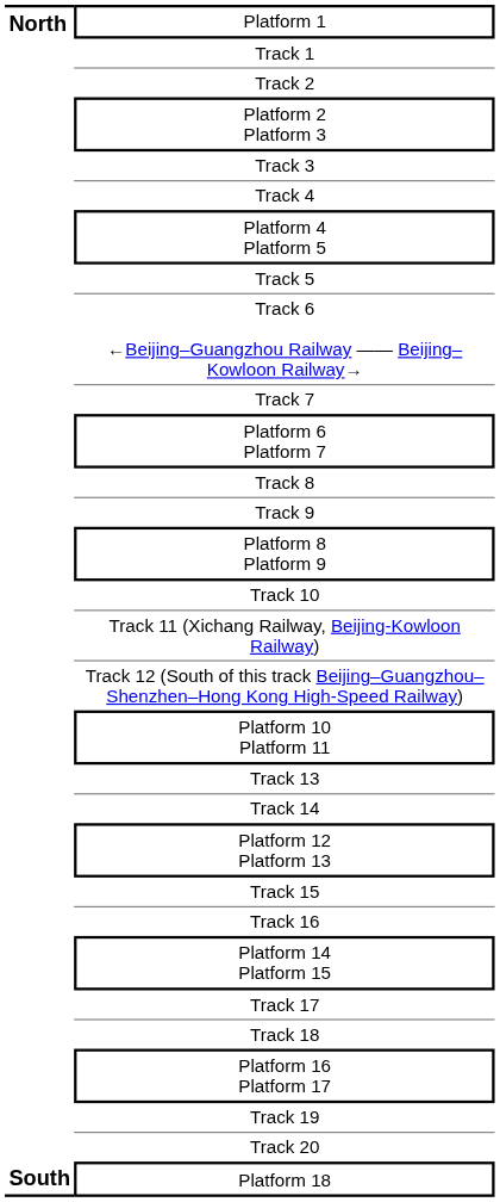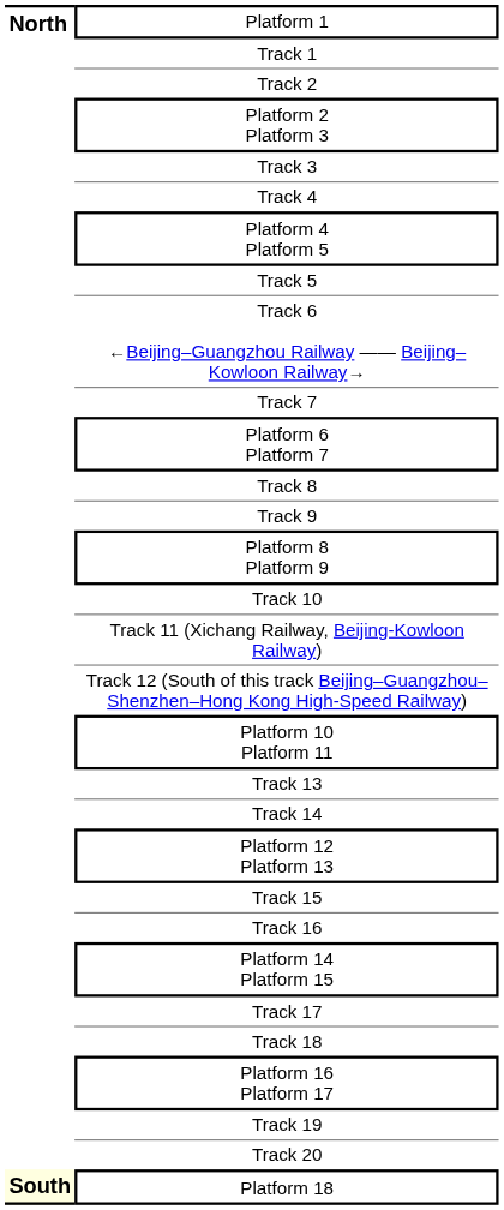 <table border=0 cellspacing=0 cellpadding=3>
 <tr>
 <td style="border-top:solid 2px black; width: 40px" rowspan=30 valign=top><strong>North</strong></td>
 </tr>
 <tr>
 <td style="border-top:solid 2px black;border-right:solid 2px black;border-left:solid 2px black;border-bottom:solid 2px black;font-size:smaller;" align=center>Platform 1</td>
 </tr>
 <tr>
 <td style="border-top:solid 0px gray;font-size:smaller;" align=center>Track 1</td>
 </tr>
 <tr>
 <td style="border-top:solid 1px gray;font-size:smaller;" align=center>Track 2</td>
 </tr>
 <tr>
 <td style="border-right:solid 2px black;border-left:solid 2px black;border-bottom:solid 2px black;border-top:solid 2px black; black;font-size:smaller;" width=300px align=center>Platform 2<br>Platform 3</td>
 </tr>
 <tr>
 <td style="border-bottom:solid 1px gray;font-size:smaller;" align=center>Track 3</td>
 </tr>
 <tr>
 <td style="font-size:smaller;" align=center>Track 4</td>
 </tr>
 <tr>
 <td style="border-top:solid 2px black;border-right:solid 2px black;border-left:solid 2px black;border-bottom:solid 2px black;font-size:smaller;text-align:center;" colspan=2>Platform 4<br>Platform 5</td>
 </tr>
 <tr>
 <td style="border-bottom:solid 1px gray;font-size:smaller;" align=center>Track 5</td>
 </tr>
 <tr>
 <td style="border-bottom:solid 1px gray;font-size:smaller;" align=center>Track 6 <br><br>←<a href='#'>Beijing–Guangzhou Railway</a> —— <a href='#'>Beijing–Kowloon Railway</a>→</td>
 </tr>
 <tr>
 <td style="font-size:smaller;" align=center>Track 7</td>
 </tr>
 <tr>
 <td style="border-top:solid 2px black;border-right:solid 2px black;border-left:solid 2px black;border-bottom:solid 2px black;font-size:smaller;text-align:center;" colspan=2>Platform 6<br>Platform 7</td>
 </tr>
 <tr>
 <td style="border-bottom:solid 1px gray;font-size:smaller;" align=center>Track 8</td>
 </tr>
 <tr>
 <td style="font-size:smaller;" align=center>Track 9</td>
 </tr>
 <tr>
 <td style="border-top:solid 2px black;border-right:solid 2px black;border-left:solid 2px black;border-bottom:solid 2px black;font-size:smaller;text-align:center;" colspan=2>Platform 8<br>Platform 9</td>
 </tr>
 <tr>
 <td style="border-bottom:solid 1px gray;font-size:smaller;" align=center>Track 10</td>
 </tr>
 <tr>
 <td style="border-bottom:solid 1px gray;font-size:smaller;" align=center>Track 11 (Xichang Railway, <a href='#'>Beijing-Kowloon Railway</a>)</td>
 </tr>
 <tr>
 <td style="font-size:smaller;" align=center>Track 12 (South of this track <a href='#'>Beijing–Guangzhou–Shenzhen–Hong Kong High-Speed Railway</a>)</td>
 </tr>
 <tr>
 <td style="border-top:solid 2px black;border-right:solid 2px black;border-left:solid 2px black;border-bottom:solid 2px black;font-size:smaller;text-align:center;" colspan=2>Platform 10<br>Platform 11</td>
 </tr>
 <tr>
 <td style="border-bottom:solid 1px gray;font-size:smaller;" align=center>Track 13</td>
 </tr>
 <tr>
 <td style="font-size:smaller;" align=center>Track 14</td>
 </tr>
 <tr>
 <td style="border-top:solid 2px black;border-right:solid 2px black;border-left:solid 2px black;border-bottom:solid 2px black;font-size:smaller;text-align:center;" colspan=2>Platform 12<br>Platform 13</td>
 </tr>
 <tr>
 <td style="border-bottom:solid 1px gray;font-size:smaller;" align=center>Track 15</td>
 </tr>
 <tr>
 <td style="font-size:smaller;" align=center>Track 16</td>
 </tr>
 <tr>
 <td style="border-top:solid 2px black;border-right:solid 2px black;border-left:solid 2px black;border-bottom:solid 2px black;font-size:smaller;text-align:center;" colspan=2>Platform 14<br>Platform 15</td>
 </tr>
 <tr>
 <td style="border-bottom:solid 1px gray;font-size:smaller;" align=center>Track 17</td>
 </tr>
 <tr>
 <td style="font-size:smaller;" align=center>Track 18</td>
 </tr>
 <tr>
 <td style="border-top:solid 2px black;border-right:solid 2px black;border-left:solid 2px black;border-bottom:solid 2px black;font-size:smaller;text-align:center;" colspan=2>Platform 16<br>Platform 17</td>
 </tr>
 <tr>
 <td style="border-bottom:solid 1px gray;font-size:smaller;" align=center>Track 19</td>
 </tr>
 <tr>
 <td style="font-size:smaller;" align=center>Track 20</td>
 </tr>
 <tr>
-<td style="border-bottom:solid 2px black;" valign=top><strong>South</strong></td>
+<td style="background: lightyellow; border-bottom:solid 2px black;" valign=top><strong>South</strong></td>
 <td style="border-top:solid 2px black;border-right:solid 2px black;border-left:solid 2px black;border-bottom:solid 2px black;font-size:smaller;text-align:center;" colspan=2>Platform 18</td>
 </tr>
 </table>
